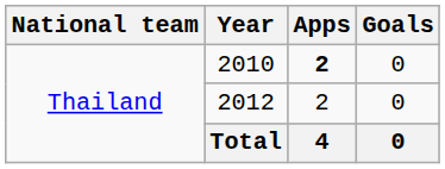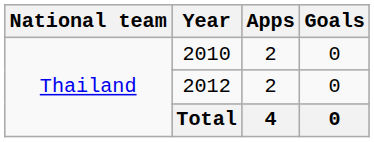 <table class="wikitable" style="text-align:center">
 <tr>
 <th>National team</th>
 <th>Year</th>
 <th>Apps</th>
 <th>Goals</th>
 </tr>
 <tr>
 <td rowspan="3" valign="center"><a href='#'>Thailand</a></td>
 <td>2010</td>
-<td><strong>2</strong></td>
+<td>2</td>
 <td>0</td>
 </tr>
 <tr>
 <td>2012</td>
 <td>2</td>
 <td>0</td>
 </tr>
 <tr>
 <th colspan="1">Total</th>
 <th>4</th>
 <th>0</th>
 </tr>
 </table>
